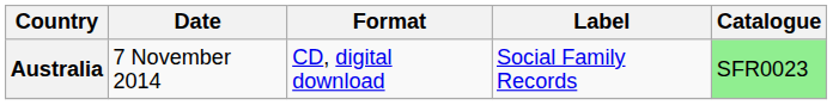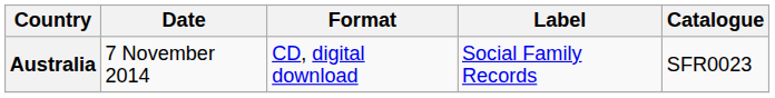 <table class="wikitable plainrowheaders">
 <tr>
 <th scope="col">Country</th>
 <th scope="col">Date</th>
 <th scope="col">Format</th>
 <th scope="col">Label</th>
 <th scope="col">Catalogue</th>
 </tr>
 <tr>
 <th scope="row">Australia</th>
 <td>7 November 2014</td>
 <td><a href='#'>CD</a>, <a href='#'>digital download</a></td>
 <td><a href='#'>Social Family Records</a></td>
-<td style="background: lightgreen;">SFR0023</td>
+<td>SFR0023</td>
 </tr>
 <tr>
 </tr>
 </table>
